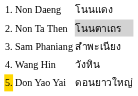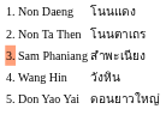 <table>
 <tr>
 <td>1.</td>
 <td>Non Daeng</td>
 <td>โนนแดง</td>
 <td></td>
 </tr>
 <tr>
 <td>2.</td>
 <td>Non Ta Then</td>
-<td style="background: lightgrey;">โนนตาเถร</td>
+<td>โนนตาเถร</td>
 <td></td>
 </tr>
 <tr>
-<td>3.</td>
+<td style="background: lightsalmon;">3.</td>
 <td>Sam Phaniang</td>
 <td>สำพะเนียง</td>
 <td></td>
 </tr>
 <tr>
 <td>4.</td>
 <td>Wang Hin</td>
 <td>วังหิน</td>
 <td></td>
 </tr>
 <tr>
-<td style="background: gold;">5.</td>
+<td>5.</td>
 <td>Don Yao Yai</td>
 <td>ดอนยาวใหญ่</td>
 <td></td>
 </tr>
 </table>
